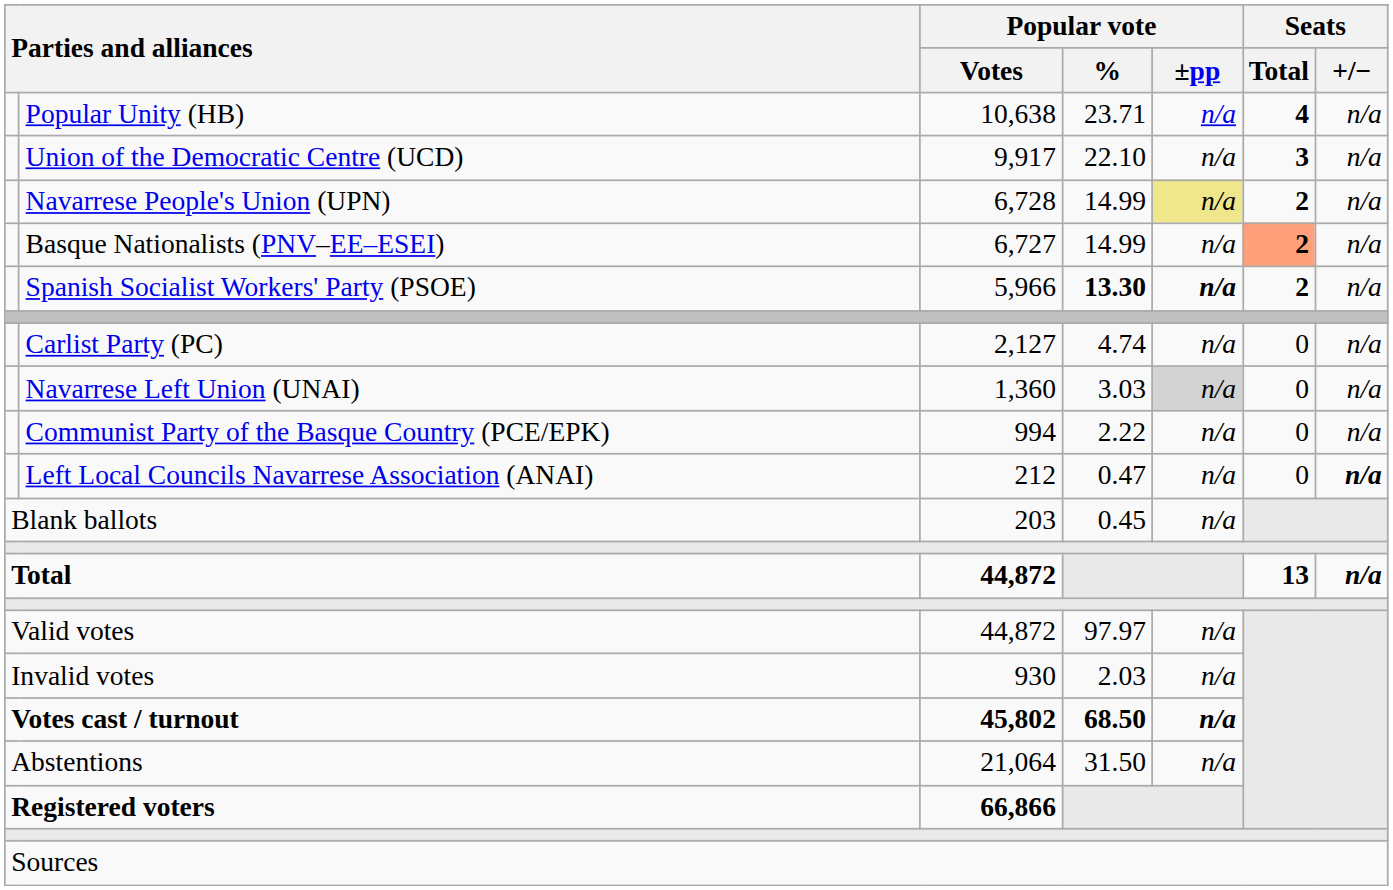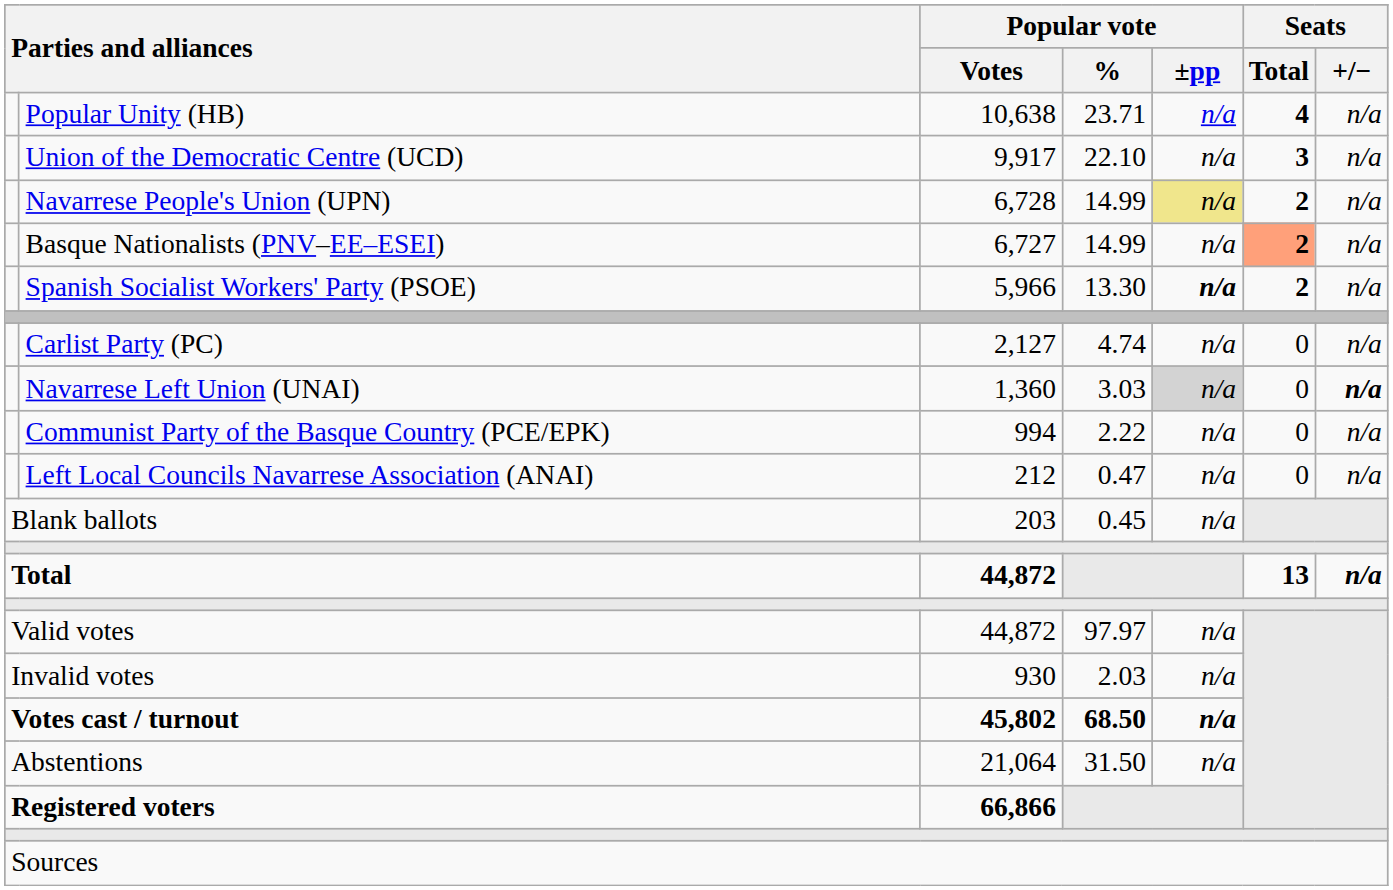 <table class="wikitable" style="text-align:right;">
 <tr>
 <th style="text-align:left;" rowspan="2" colspan="2" width="525">Parties and alliances</th>
 <th colspan="3">Popular vote</th>
 <th colspan="2">Seats</th>
 </tr>
 <tr>
 <th width="75">Votes</th>
 <th width="45">%</th>
 <th width="45">±<a href='#'>pp</a></th>
 <th width="35">Total</th>
 <th width="35">+/−</th>
 </tr>
 <tr>
 <td width="1" style="color:inherit;background:"></td>
 <td align="left"><a href='#'>Popular Unity</a> (HB)</td>
 <td>10,638</td>
 <td>23.71</td>
 <td><em><a href='#'>n/a</a></em></td>
 <td><strong>4</strong></td>
 <td><em>n/a</em></td>
 </tr>
 <tr>
 <td style="color:inherit;background:"></td>
 <td align="left"><a href='#'>Union of the Democratic Centre</a> (UCD)</td>
 <td>9,917</td>
 <td>22.10</td>
 <td><em>n/a</em></td>
 <td><strong>3</strong></td>
 <td><em>n/a</em></td>
 </tr>
 <tr>
 <td style="color:inherit;background:"></td>
 <td align="left"><a href='#'>Navarrese People's Union</a> (UPN)</td>
 <td>6,728</td>
 <td>14.99</td>
 <td style="background: khaki;"><em>n/a</em></td>
 <td><strong>2</strong></td>
 <td><em>n/a</em></td>
 </tr>
 <tr>
 <td style="color:inherit;background:"></td>
 <td align="left">Basque Nationalists (<a href='#'>PNV</a>–<a href='#'>EE–ESEI</a>)</td>
 <td>6,727</td>
 <td>14.99</td>
 <td><em>n/a</em></td>
 <td style="background: lightsalmon;"><strong>2</strong></td>
 <td><em>n/a</em></td>
 </tr>
 <tr>
 <td style="color:inherit;background:"></td>
 <td align="left"><a href='#'>Spanish Socialist Workers' Party</a> (PSOE)</td>
 <td>5,966</td>
-<td><strong>13.30</strong></td>
+<td>13.30</td>
 <td><strong><em>n/a</em></strong></td>
 <td><strong>2</strong></td>
 <td><em>n/a</em></td>
 </tr>
 <tr>
 <td colspan="7" bgcolor="#C0C0C0"></td>
 </tr>
 <tr>
 <td style="color:inherit;background:"></td>
 <td align="left"><a href='#'>Carlist Party</a> (PC)</td>
 <td>2,127</td>
 <td>4.74</td>
 <td><em>n/a</em></td>
 <td>0</td>
 <td><em>n/a</em></td>
 </tr>
 <tr>
 <td style="color:inherit;background:"></td>
 <td align="left"><a href='#'>Navarrese Left Union</a> (UNAI)</td>
 <td>1,360</td>
 <td>3.03</td>
 <td style="background: lightgrey;"><em>n/a</em></td>
 <td>0</td>
-<td><em>n/a</em></td>
+<td><strong><em>n/a</em></strong></td>
 </tr>
 <tr>
 <td style="color:inherit;background:"></td>
 <td align="left"><a href='#'>Communist Party of the Basque Country</a> (PCE/EPK)</td>
 <td>994</td>
 <td>2.22</td>
 <td><em>n/a</em></td>
 <td>0</td>
 <td><em>n/a</em></td>
 </tr>
 <tr>
 <td style="color:inherit;background:"></td>
 <td align="left"><a href='#'>Left Local Councils Navarrese Association</a> (ANAI)</td>
 <td>212</td>
 <td>0.47</td>
 <td><em>n/a</em></td>
 <td>0</td>
-<td><strong><em>n/a</em></strong></td>
+<td><em>n/a</em></td>
 </tr>
 <tr>
 <td align="left" colspan="2">Blank ballots</td>
 <td>203</td>
 <td>0.45</td>
 <td><em>n/a</em></td>
 <td bgcolor="#E9E9E9" colspan="2"></td>
 </tr>
 <tr>
 <td colspan="7" bgcolor="#E9E9E9"></td>
 </tr>
 <tr style="font-weight:bold;">
 <td align="left" colspan="2">Total</td>
 <td>44,872</td>
 <td bgcolor="#E9E9E9" colspan="2"></td>
 <td>13</td>
 <td><em>n/a</em></td>
 </tr>
 <tr>
 <td colspan="7" bgcolor="#E9E9E9"></td>
 </tr>
 <tr>
 <td align="left" colspan="2">Valid votes</td>
 <td>44,872</td>
 <td>97.97</td>
 <td><em>n/a</em></td>
 <td bgcolor="#E9E9E9" colspan="2" rowspan="5"></td>
 </tr>
 <tr>
 <td align="left" colspan="2">Invalid votes</td>
 <td>930</td>
 <td>2.03</td>
 <td><em>n/a</em></td>
 </tr>
 <tr style="font-weight:bold;">
 <td align="left" colspan="2">Votes cast / turnout</td>
 <td>45,802</td>
 <td>68.50</td>
 <td><em>n/a</em></td>
 </tr>
 <tr>
 <td align="left" colspan="2">Abstentions</td>
 <td>21,064</td>
 <td>31.50</td>
 <td><em>n/a</em></td>
 </tr>
 <tr style="font-weight:bold;">
 <td align="left" colspan="2">Registered voters</td>
 <td>66,866</td>
 <td bgcolor="#E9E9E9" colspan="2"></td>
 </tr>
 <tr>
 <td colspan="7" bgcolor="#E9E9E9"></td>
 </tr>
 <tr>
 <td align="left" colspan="7">Sources</td>
 </tr>
 </table>
